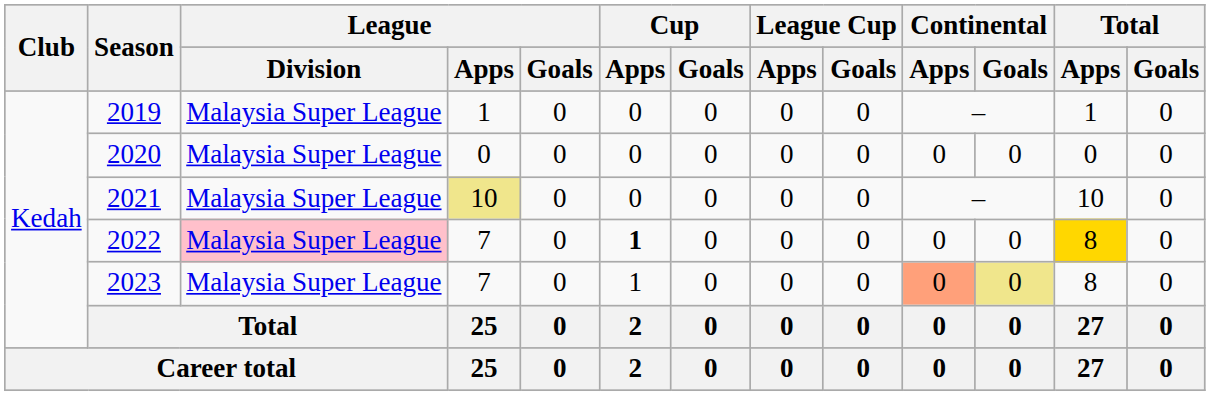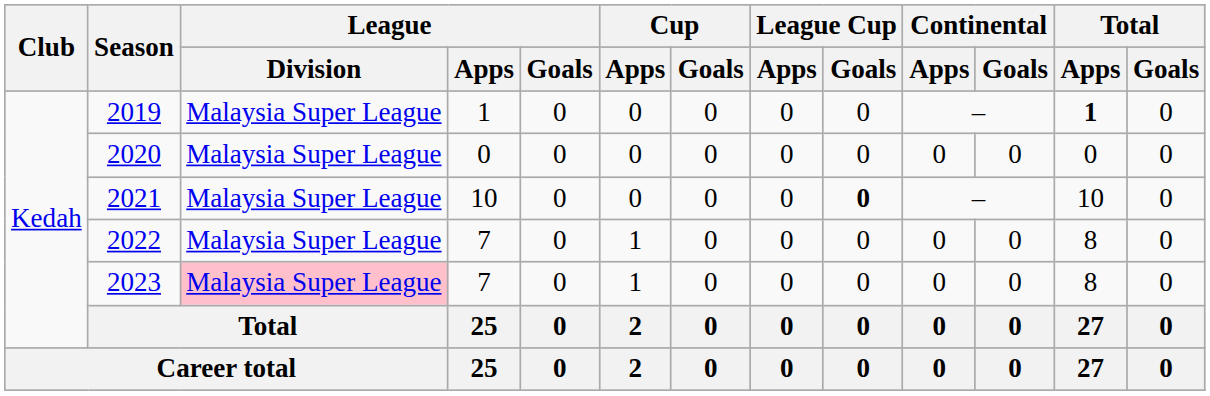 <table class=wikitable style="text-align:center">
 <tr>
 <th rowspan=2>Club</th>
 <th rowspan=2>Season</th>
 <th colspan=3>League</th>
 <th colspan=2>Cup</th>
 <th colspan=2>League Cup</th>
 <th colspan=2>Continental</th>
 <th colspan=2>Total</th>
 </tr>
 <tr>
 <th>Division</th>
 <th>Apps</th>
 <th>Goals</th>
 <th>Apps</th>
 <th>Goals</th>
 <th>Apps</th>
 <th>Goals</th>
 <th>Apps</th>
 <th>Goals</th>
 <th>Apps</th>
 <th>Goals</th>
 </tr>
 <tr>
 <td rowspan="6"><a href='#'>Kedah</a></td>
 <td><a href='#'>2019</a></td>
 <td><a href='#'>Malaysia Super League</a></td>
 <td>1</td>
 <td>0</td>
 <td>0</td>
 <td>0</td>
 <td>0</td>
 <td>0</td>
 <td colspan="2">–</td>
-<td>1</td>
+<td><strong>1</strong></td>
 <td>0</td>
 </tr>
 <tr>
 <td><a href='#'>2020</a></td>
 <td><a href='#'>Malaysia Super League</a></td>
 <td>0</td>
 <td>0</td>
 <td>0</td>
 <td>0</td>
 <td>0</td>
 <td>0</td>
 <td>0</td>
 <td>0</td>
 <td>0</td>
 <td>0</td>
 </tr>
 <tr>
 <td><a href='#'>2021</a></td>
 <td><a href='#'>Malaysia Super League</a></td>
-<td style="background: khaki;">10</td>
+<td>10</td>
 <td>0</td>
 <td>0</td>
 <td>0</td>
 <td>0</td>
-<td>0</td>
+<td><strong>0</strong></td>
 <td colspan="2">–</td>
 <td>10</td>
 <td>0</td>
 </tr>
 <tr>
 <td><a href='#'>2022</a></td>
-<td style="background: pink;"><a href='#'>Malaysia Super League</a></td>
-<td>7</td>
-<td>0</td>
-<td><strong>1</strong></td>
-<td>0</td>
-<td>0</td>
-<td>0</td>
-<td>0</td>
-<td>0</td>
-<td style="background: gold;">8</td>
-<td>0</td>
-</tr>
-<tr>
-<td><a href='#'>2023</a></td>
 <td><a href='#'>Malaysia Super League</a></td>
 <td>7</td>
 <td>0</td>
 <td>1</td>
 <td>0</td>
 <td>0</td>
 <td>0</td>
-<td style="background: lightsalmon;">0</td>
-<td style="background: khaki;">0</td>
+<td>0</td>
+<td>0</td>
+<td>8</td>
+<td>0</td>
+</tr>
+<tr>
+<td><a href='#'>2023</a></td>
+<td style="background: pink;"><a href='#'>Malaysia Super League</a></td>
+<td>7</td>
+<td>0</td>
+<td>1</td>
+<td>0</td>
+<td>0</td>
+<td>0</td>
+<td>0</td>
+<td>0</td>
 <td>8</td>
 <td>0</td>
 </tr>
 <tr>
 <th colspan=2>Total</th>
 <th>25</th>
 <th>0</th>
 <th>2</th>
 <th>0</th>
 <th>0</th>
 <th>0</th>
 <th>0</th>
 <th>0</th>
 <th>27</th>
 <th>0</th>
 </tr>
 <tr>
 <th colspan=3>Career total</th>
 <th>25</th>
 <th>0</th>
 <th>2</th>
 <th>0</th>
 <th>0</th>
 <th>0</th>
 <th>0</th>
 <th>0</th>
 <th>27</th>
 <th>0</th>
 </tr>
 </table>
